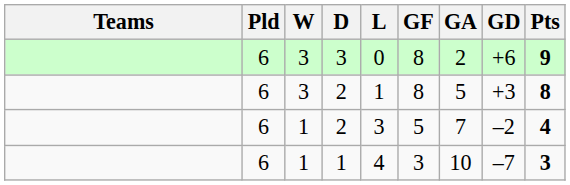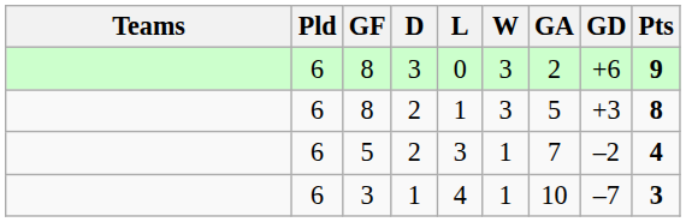 <table class="wikitable" style="text-align: center;">
 <tr>
 <th width=165>Teams</th>
 <th width=20>Pld</th>
-<th width=20>W</th>
+<th width=20>GF</th>
 <th width=20>D</th>
 <th width=20>L</th>
-<th width=20>GF</th>
+<th width=20>W</th>
 <th width=20>GA</th>
 <th width=20>GD</th>
 <th width=20>Pts</th>
 </tr>
 <tr align=center style="background:#ccffcc;">
 <td style="text-align:left;"></td>
 <td>6</td>
-<td>3</td>
+<td>8</td>
 <td>3</td>
 <td>0</td>
-<td>8</td>
+<td>3</td>
 <td>2</td>
 <td>+6</td>
 <td><strong>9</strong></td>
 </tr>
 <tr align=center>
 <td style="text-align:left;"></td>
 <td>6</td>
-<td>3</td>
+<td>8</td>
 <td>2</td>
 <td>1</td>
-<td>8</td>
+<td>3</td>
 <td>5</td>
 <td>+3</td>
 <td><strong>8</strong></td>
 </tr>
 <tr align=center>
 <td style="text-align:left;"></td>
 <td>6</td>
-<td>1</td>
+<td>5</td>
 <td>2</td>
 <td>3</td>
-<td>5</td>
+<td>1</td>
 <td>7</td>
 <td>–2</td>
 <td><strong>4</strong></td>
 </tr>
 <tr align=center>
 <td style="text-align:left;"></td>
 <td>6</td>
-<td>1</td>
+<td>3</td>
 <td>1</td>
 <td>4</td>
-<td>3</td>
+<td>1</td>
 <td>10</td>
 <td>–7</td>
 <td><strong>3</strong></td>
 </tr>
 </table>
